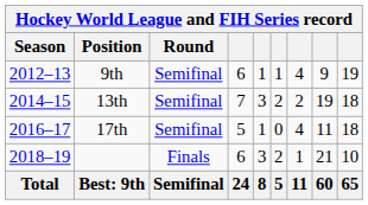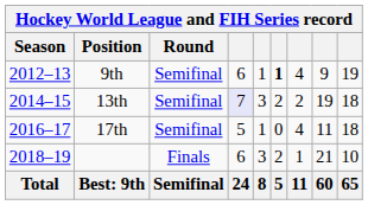 <table class="wikitable" style="text-align: center;">
 <tr>
 <th colspan=9><a href='#'>Hockey World League</a> and <a href='#'>FIH Series</a> record</th>
 </tr>
 <tr>
 <th>Season</th>
 <th>Position</th>
 <th>Round</th>
 <th></th>
 <th></th>
 <th></th>
 <th></th>
 <th></th>
 <th></th>
 </tr>
 <tr>
 <td><a href='#'>2012–13</a></td>
 <td>9th</td>
 <td><a href='#'>Semifinal</a></td>
 <td>6</td>
 <td>1</td>
-<td>1</td>
+<td><strong>1</strong></td>
 <td>4</td>
 <td>9</td>
 <td>19</td>
 </tr>
 <tr>
 <td><a href='#'>2014–15</a></td>
 <td>13th</td>
 <td><a href='#'>Semifinal</a></td>
-<td>7</td>
+<td style="background: lavender;">7</td>
 <td>3</td>
 <td>2</td>
 <td>2</td>
 <td>19</td>
 <td>18</td>
 </tr>
 <tr>
 <td><a href='#'>2016–17</a></td>
 <td>17th</td>
 <td><a href='#'>Semifinal</a></td>
 <td>5</td>
 <td>1</td>
 <td>0</td>
 <td>4</td>
 <td>11</td>
 <td>18</td>
 </tr>
 <tr>
 <td><a href='#'>2018–19</a></td>
 <td></td>
 <td><a href='#'>Finals</a></td>
 <td>6</td>
 <td>3</td>
 <td>2</td>
 <td>1</td>
 <td>21</td>
 <td>10</td>
 </tr>
 <tr>
 <th>Total</th>
 <th>Best: 9th</th>
 <th>Semifinal</th>
 <th>24</th>
 <th>8</th>
 <th>5</th>
 <th>11</th>
 <th>60</th>
 <th>65</th>
 </tr>
 </table>
